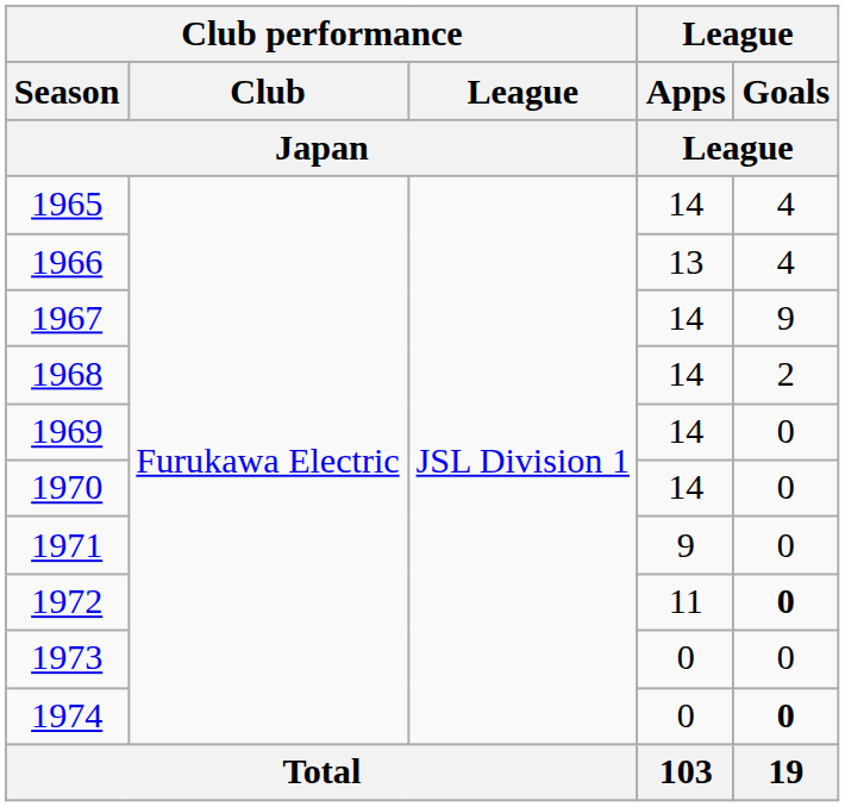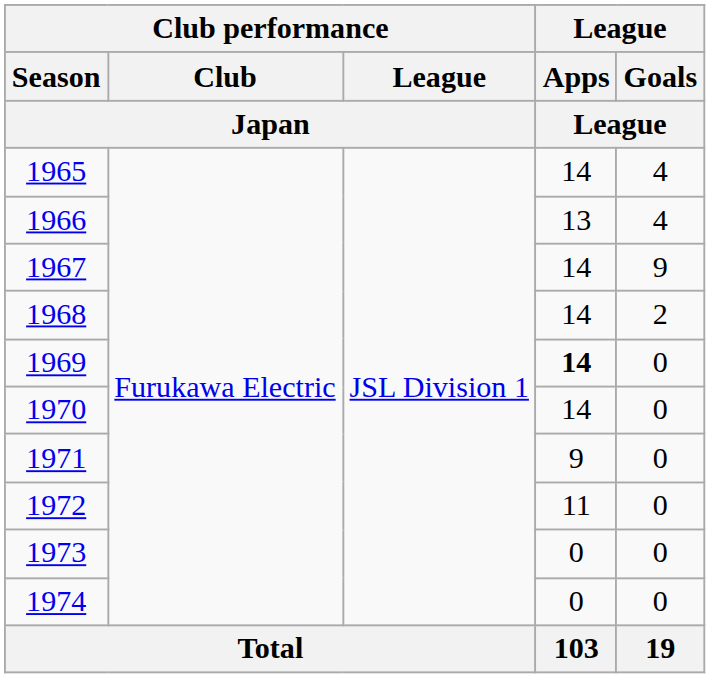 <table class="wikitable" style="text-align:center;">
 <tr>
 <th colspan=3>Club performance</th>
 <th colspan=2>League</th>
 </tr>
 <tr>
 <th>Season</th>
 <th>Club</th>
 <th>League</th>
 <th>Apps</th>
 <th>Goals</th>
 </tr>
 <tr>
 <th colspan=3>Japan</th>
 <th colspan=2>League</th>
 </tr>
 <tr>
 <td><a href='#'>1965</a></td>
 <td rowspan=10><a href='#'>Furukawa Electric</a></td>
 <td rowspan=10><a href='#'>JSL Division 1</a></td>
 <td>14</td>
 <td>4</td>
 </tr>
 <tr>
 <td><a href='#'>1966</a></td>
 <td>13</td>
 <td>4</td>
 </tr>
 <tr>
 <td><a href='#'>1967</a></td>
 <td>14</td>
 <td>9</td>
 </tr>
 <tr>
 <td><a href='#'>1968</a></td>
 <td>14</td>
 <td>2</td>
 </tr>
 <tr>
 <td><a href='#'>1969</a></td>
-<td>14</td>
+<td><strong>14</strong></td>
 <td>0</td>
 </tr>
 <tr>
 <td><a href='#'>1970</a></td>
 <td>14</td>
 <td>0</td>
 </tr>
 <tr>
 <td><a href='#'>1971</a></td>
 <td>9</td>
 <td>0</td>
 </tr>
 <tr>
 <td><a href='#'>1972</a></td>
 <td>11</td>
-<td><strong>0</strong></td>
+<td>0</td>
 </tr>
 <tr>
 <td><a href='#'>1973</a></td>
 <td>0</td>
 <td>0</td>
 </tr>
 <tr>
 <td><a href='#'>1974</a></td>
 <td>0</td>
-<td><strong>0</strong></td>
+<td>0</td>
 </tr>
 <tr>
 <th colspan=3>Total</th>
 <th>103</th>
 <th>19</th>
 </tr>
 </table>
